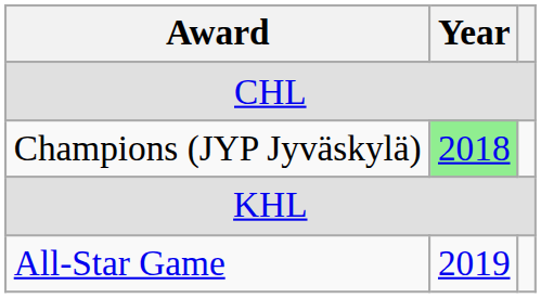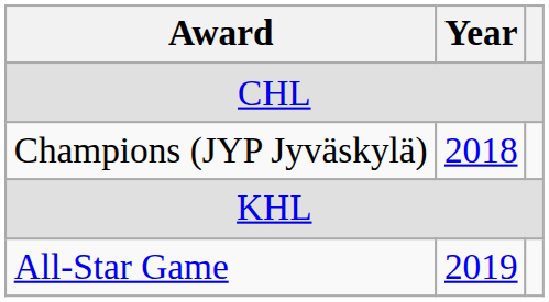 <table class="wikitable">
 <tr>
 <th>Award</th>
 <th>Year</th>
 <th></th>
 </tr>
 <tr ALIGN="center" bgcolor="#e0e0e0">
 <td colspan="3"><a href='#'>CHL</a></td>
 </tr>
 <tr>
 <td>Champions (JYP Jyväskylä)</td>
-<td style="background: lightgreen;"><a href='#'>2018</a></td>
+<td><a href='#'>2018</a></td>
 <td></td>
 </tr>
 <tr ALIGN="center" bgcolor="#e0e0e0">
 <td colspan="3"><a href='#'>KHL</a></td>
 </tr>
 <tr>
 <td><a href='#'>All-Star Game</a></td>
 <td><a href='#'>2019</a></td>
 <td></td>
 </tr>
 </table>
